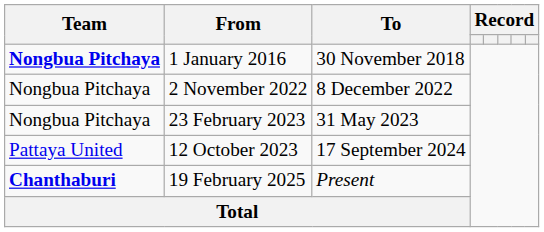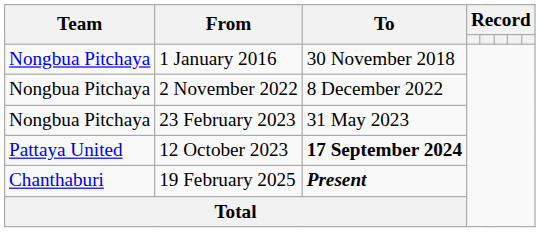 <table class=wikitable style=text-align:center>
 <tr>
 <th rowspan=2>Team</th>
 <th rowspan=2>From</th>
 <th rowspan=2>To</th>
 <th colspan=5>Record</th>
 </tr>
 <tr>
 <th></th>
 <th></th>
 <th></th>
 <th></th>
 <th></th>
 </tr>
 <tr>
-<td align=left><strong><a href='#'>Nongbua Pitchaya</a></strong></td>
+<td align=left><a href='#'>Nongbua Pitchaya</a></td>
 <td align=left>1 January 2016</td>
 <td align=left>30 November 2018<br></td>
 </tr>
 <tr>
 <td align=left>Nongbua Pitchaya</td>
 <td align=left>2 November 2022</td>
 <td align=left>8 December 2022<br></td>
 </tr>
 <tr>
 <td align=left>Nongbua Pitchaya</td>
 <td align=left>23 February 2023</td>
 <td align=left>31 May 2023<br></td>
 </tr>
 <tr>
 <td align=left><a href='#'>Pattaya United</a></td>
 <td align=left>12 October 2023</td>
-<td align=left>17 September 2024<br></td>
+<td align=left><strong>17 September 2024<br></strong></td>
 </tr>
 <tr>
-<td align=left><strong><a href='#'>Chanthaburi</a></strong></td>
+<td align=left><a href='#'>Chanthaburi</a></td>
 <td align=left>19 February 2025</td>
-<td align=left><em>Present</em><br></td>
+<td align=left><strong><em>Present</em><br></strong></td>
 </tr>
 <tr>
 <th colspan=3>Total<br></th>
 </tr>
 </table>
